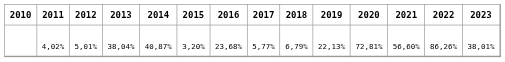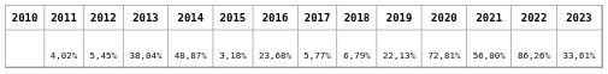 <table align="center" rules="all" cellspacing="0" cellpadding="7" style="border: 1px solid #999; border-right: 2px solid #999; border-bottom:2px solid #999">
 <tr bgcolor=>
 <th>2010</th>
 <th>2011</th>
 <th>2012</th>
 <th>2013</th>
 <th>2014</th>
 <th>2015</th>
 <th>2016</th>
 <th>2017</th>
 <th>2018</th>
 <th>2019</th>
 <th>2020</th>
 <th>2021</th>
 <th>2022</th>
 <th>2023</th>
 </tr>
 <tr>
 <td align=center></td>
 <td align=center><br><small>4,02%</small></td>
-<td align=center><br><small>5,01%</small></td>
+<td align=center><br><small>5,45%</small></td>
 <td align=center><br><small>38,04%</small></td>
 <td align=center><br><small>40,87%</small></td>
-<td align=center><br><small>3,20%</small></td>
+<td align=center><br><small>3,18%</small></td>
 <td align=center><br><small>23,68%</small></td>
 <td align=center><br><small>5,77%</small></td>
 <td><br><small>6,79%</small></td>
 <td align=center><br><small>22,13%</small></td>
 <td align=center><br><small>72,81%</small></td>
-<td align=center><br><small>56,60%</small></td>
+<td align=center><br><small>56,00%</small></td>
 <td align=center><br><small>86,26%</small></td>
-<td align=center><br><small>38,01%</small></td>
+<td align=center><br><small>33,61%</small></td>
 </tr>
 </table>
